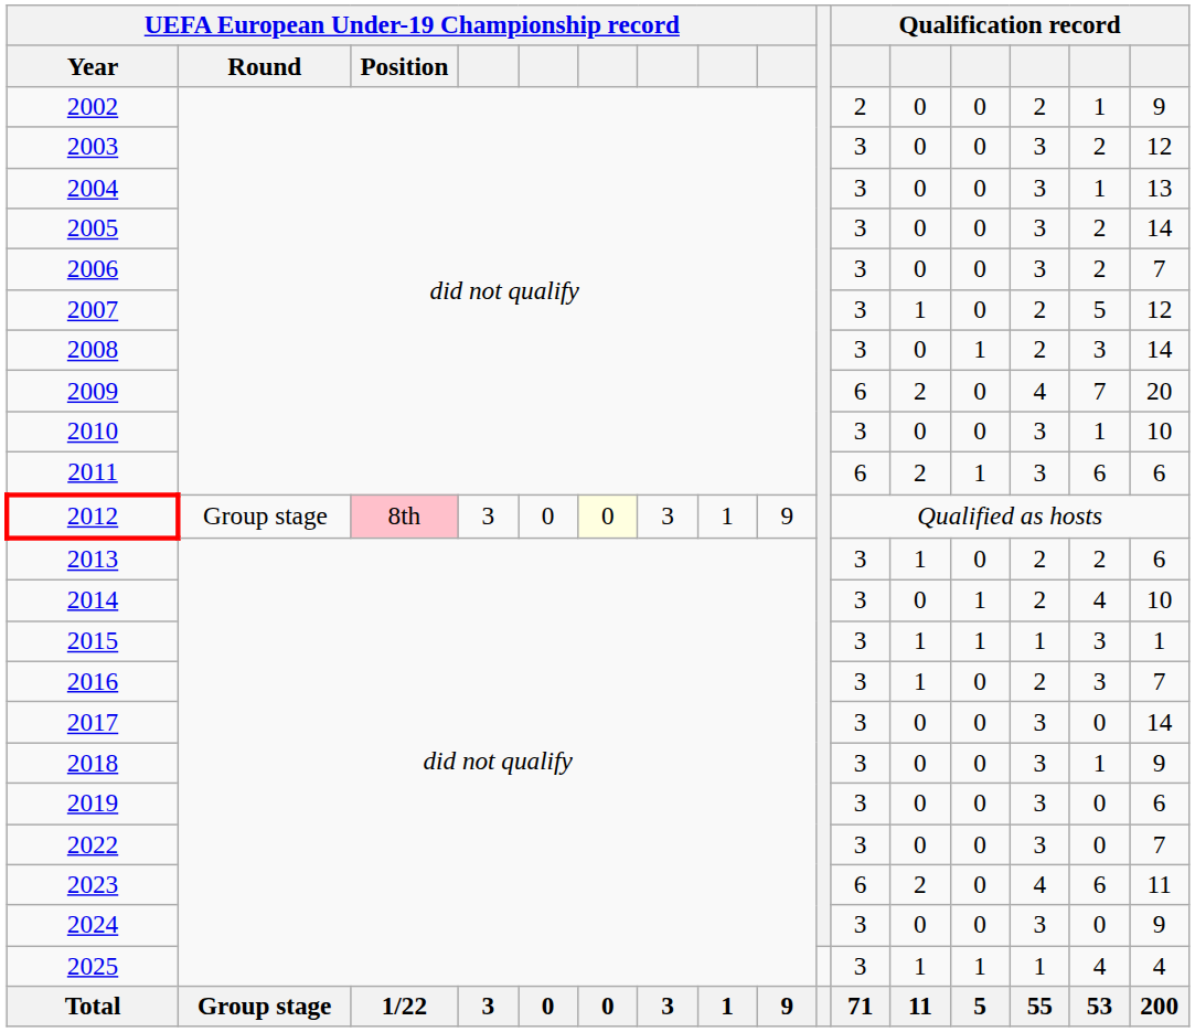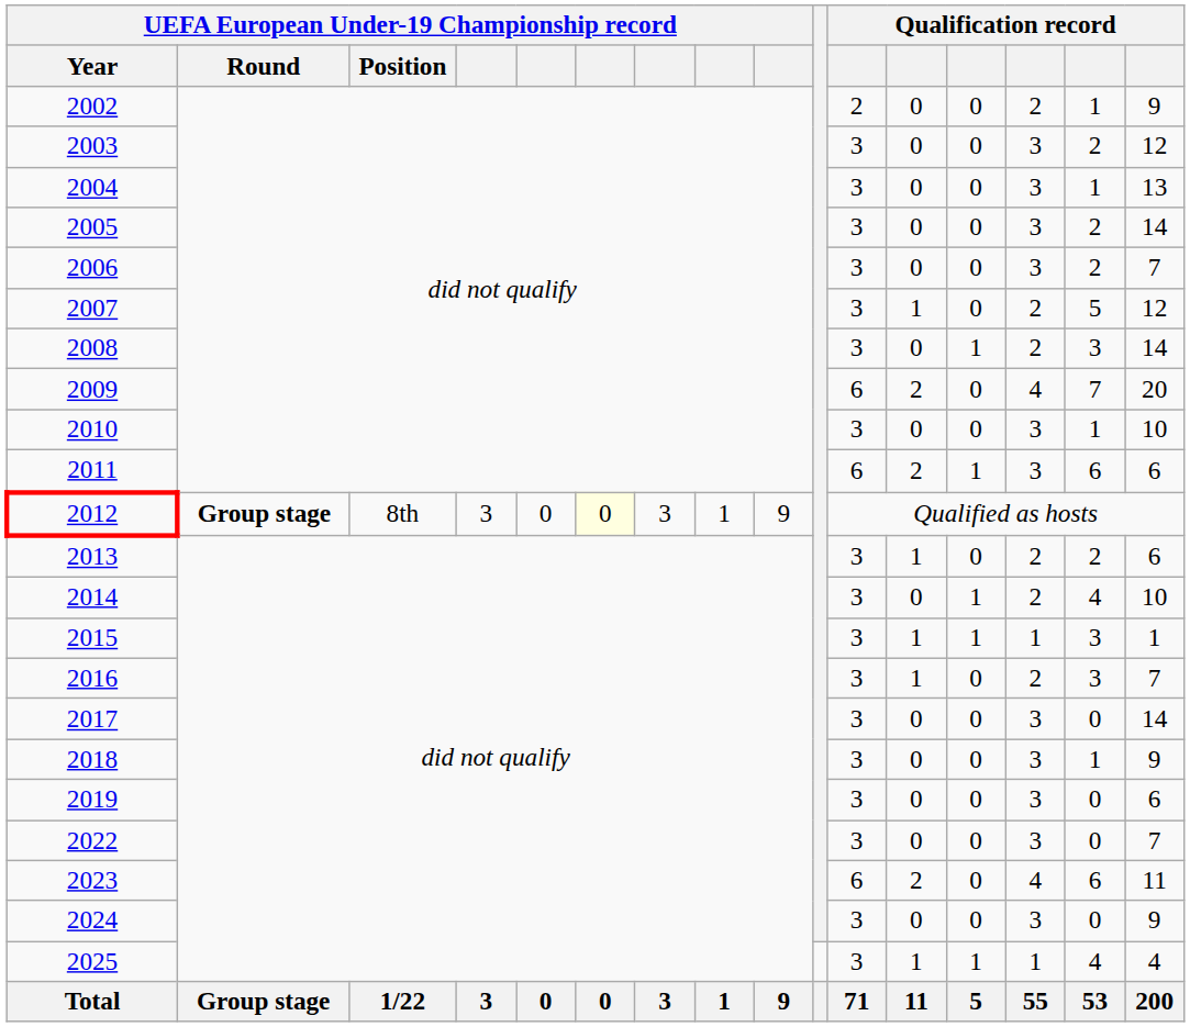 <table class="wikitable" style="text-align: center;">
 <tr>
 <th colspan=9><a href='#'>UEFA European Under-19 Championship record</a></th>
 <th width=1 rowspan=23></th>
 <th colspan=6>Qualification record</th>
 </tr>
 <tr>
 <th width=100>Year</th>
 <th width=100>Round</th>
 <th width=60>Position</th>
 <th width=30></th>
 <th width=30></th>
 <th width=30></th>
 <th width=30></th>
 <th width=30></th>
 <th width=30></th>
 <th width=30></th>
 <th width=30></th>
 <th width=30></th>
 <th width=30></th>
 <th width=30></th>
 <th width=30></th>
 </tr>
 <tr>
 <td> <a href='#'>2002</a></td>
 <td rowspan=10 colspan=9><em>did not qualify</em></td>
 <td>2</td>
 <td>0</td>
 <td>0</td>
 <td>2</td>
 <td>1</td>
 <td>9</td>
 </tr>
 <tr>
 <td> <a href='#'>2003</a></td>
 <td>3</td>
 <td>0</td>
 <td>0</td>
 <td>3</td>
 <td>2</td>
 <td>12</td>
 </tr>
 <tr>
 <td> <a href='#'>2004</a></td>
 <td>3</td>
 <td>0</td>
 <td>0</td>
 <td>3</td>
 <td>1</td>
 <td>13</td>
 </tr>
 <tr>
 <td> <a href='#'>2005</a></td>
 <td>3</td>
 <td>0</td>
 <td>0</td>
 <td>3</td>
 <td>2</td>
 <td>14</td>
 </tr>
 <tr>
 <td> <a href='#'>2006</a></td>
 <td>3</td>
 <td>0</td>
 <td>0</td>
 <td>3</td>
 <td>2</td>
 <td>7</td>
 </tr>
 <tr>
 <td> <a href='#'>2007</a></td>
 <td>3</td>
 <td>1</td>
 <td>0</td>
 <td>2</td>
 <td>5</td>
 <td>12</td>
 </tr>
 <tr>
 <td> <a href='#'>2008</a></td>
 <td>3</td>
 <td>0</td>
 <td>1</td>
 <td>2</td>
 <td>3</td>
 <td>14</td>
 </tr>
 <tr>
 <td> <a href='#'>2009</a></td>
 <td>6</td>
 <td>2</td>
 <td>0</td>
 <td>4</td>
 <td>7</td>
 <td>20</td>
 </tr>
 <tr>
 <td> <a href='#'>2010</a></td>
 <td>3</td>
 <td>0</td>
 <td>0</td>
 <td>3</td>
 <td>1</td>
 <td>10</td>
 </tr>
 <tr>
 <td> <a href='#'>2011</a></td>
 <td>6</td>
 <td>2</td>
 <td>1</td>
 <td>3</td>
 <td>6</td>
 <td>6</td>
 </tr>
 <tr>
 <td style="border: 3px solid red"> <a href='#'>2012</a></td>
-<td>Group stage</td>
-<td style="background: pink;">8th</td>
+<td><strong>Group stage</strong></td>
+<td>8th</td>
 <td>3</td>
 <td>0</td>
 <td style="background: lightyellow;">0</td>
 <td>3</td>
 <td>1</td>
 <td>9</td>
 <td colspan=7><em>Qualified as hosts</em></td>
 </tr>
 <tr>
 <td> <a href='#'>2013</a></td>
 <td rowspan=11 colspan=8><em>did not qualify</em></td>
 <td>3</td>
 <td>1</td>
 <td>0</td>
 <td>2</td>
 <td>2</td>
 <td>6</td>
 </tr>
 <tr>
 <td> <a href='#'>2014</a></td>
 <td>3</td>
 <td>0</td>
 <td>1</td>
 <td>2</td>
 <td>4</td>
 <td>10</td>
 </tr>
 <tr>
 <td> <a href='#'>2015</a></td>
 <td>3</td>
 <td>1</td>
 <td>1</td>
 <td>1</td>
 <td>3</td>
 <td>1</td>
 </tr>
 <tr>
 <td> <a href='#'>2016</a></td>
 <td>3</td>
 <td>1</td>
 <td>0</td>
 <td>2</td>
 <td>3</td>
 <td>7</td>
 </tr>
 <tr>
 <td> <a href='#'>2017</a></td>
 <td>3</td>
 <td>0</td>
 <td>0</td>
 <td>3</td>
 <td>0</td>
 <td>14</td>
 </tr>
 <tr>
 <td> <a href='#'>2018</a></td>
 <td>3</td>
 <td>0</td>
 <td>0</td>
 <td>3</td>
 <td>1</td>
 <td>9</td>
 </tr>
 <tr>
 <td> <a href='#'>2019</a></td>
 <td>3</td>
 <td>0</td>
 <td>0</td>
 <td>3</td>
 <td>0</td>
 <td>6</td>
 </tr>
 <tr>
 <td> <a href='#'>2022</a></td>
 <td>3</td>
 <td>0</td>
 <td>0</td>
 <td>3</td>
 <td>0</td>
 <td>7</td>
 </tr>
 <tr>
 <td> <a href='#'>2023</a></td>
 <td>6</td>
 <td>2</td>
 <td>0</td>
 <td>4</td>
 <td>6</td>
 <td>11</td>
 </tr>
 <tr>
 <td> <a href='#'>2024</a></td>
 <td>3</td>
 <td>0</td>
 <td>0</td>
 <td>3</td>
 <td>0</td>
 <td>9</td>
 </tr>
 <tr>
 <td> <a href='#'>2025</a></td>
 <td></td>
 <td>3</td>
 <td>1</td>
 <td>1</td>
 <td>1</td>
 <td>4</td>
 <td>4</td>
 </tr>
 <tr>
 <th>Total</th>
 <th>Group stage</th>
 <th>1/22</th>
 <th>3</th>
 <th>0</th>
 <th>0</th>
 <th>3</th>
 <th>1</th>
 <th>9</th>
 <th></th>
 <th>71</th>
 <th>11</th>
 <th>5</th>
 <th>55</th>
 <th>53</th>
 <th>200</th>
 </tr>
 </table>
